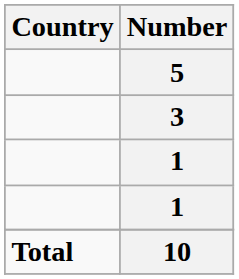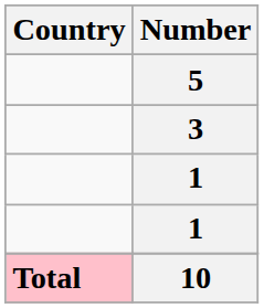 <table class="wikitable centre sortable">
 <tr>
 <th>Country</th>
 <th>Number</th>
 </tr>
 <tr>
 <td></td>
 <th>5</th>
 </tr>
 <tr>
 <td></td>
 <th>3</th>
 </tr>
 <tr>
 <td></td>
 <th>1</th>
 </tr>
 <tr>
 <td></td>
 <th>1</th>
 </tr>
 <tr>
 </tr>
 <tr class="sortbottom">
-<td><strong>Total</strong></td>
+<td style="background: pink;"><strong>Total</strong></td>
 <th>10</th>
 </tr>
 </table>
